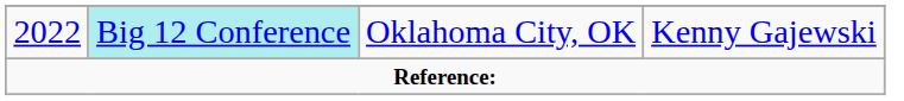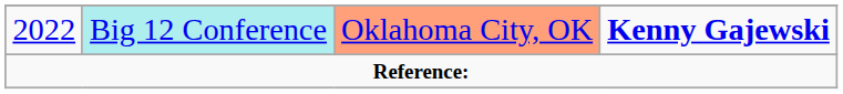 <table class="wikitable">
 <tr>
 </tr>
 <tr>
 <td><a href='#'>2022</a></td>
 <td style="background: paleturquoise;"><a href='#'>Big 12 Conference</a></td>
-<td><a href='#'>Oklahoma City, OK</a></td>
-<td><a href='#'>Kenny Gajewski</a></td>
+<td style="background: lightsalmon;"><a href='#'>Oklahoma City, OK</a></td>
+<td><strong><a href='#'>Kenny Gajewski</a></strong></td>
 </tr>
 <tr>
 <td colspan="4" style="font-size:8pt; text-align:center;"><strong>Reference:</strong> </td>
 </tr>
 </table>
